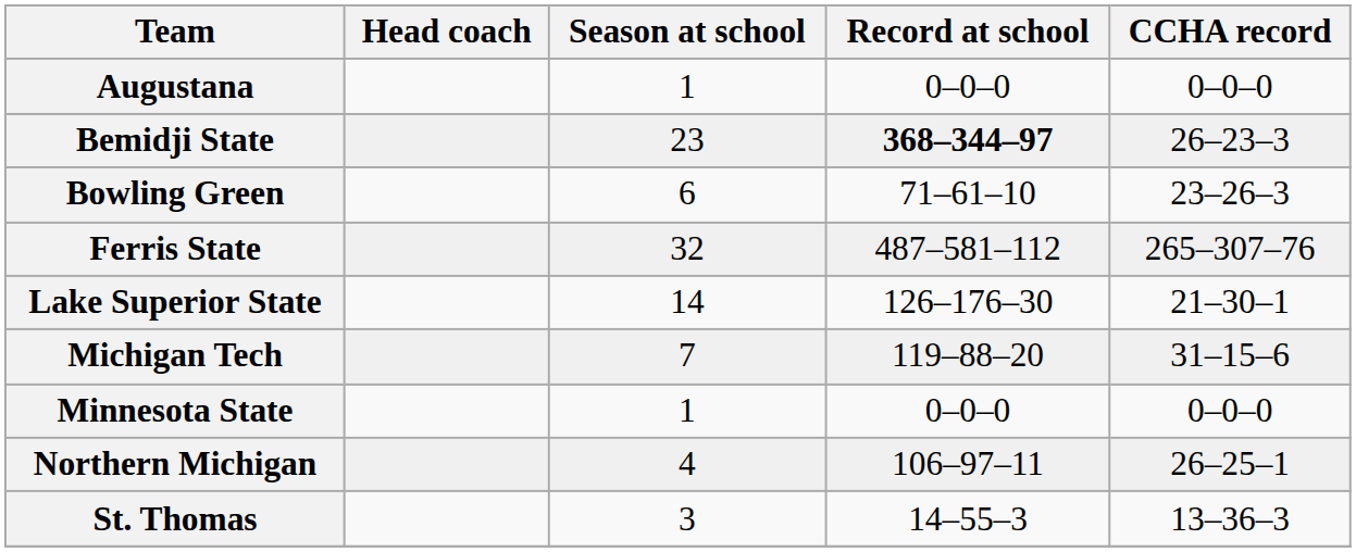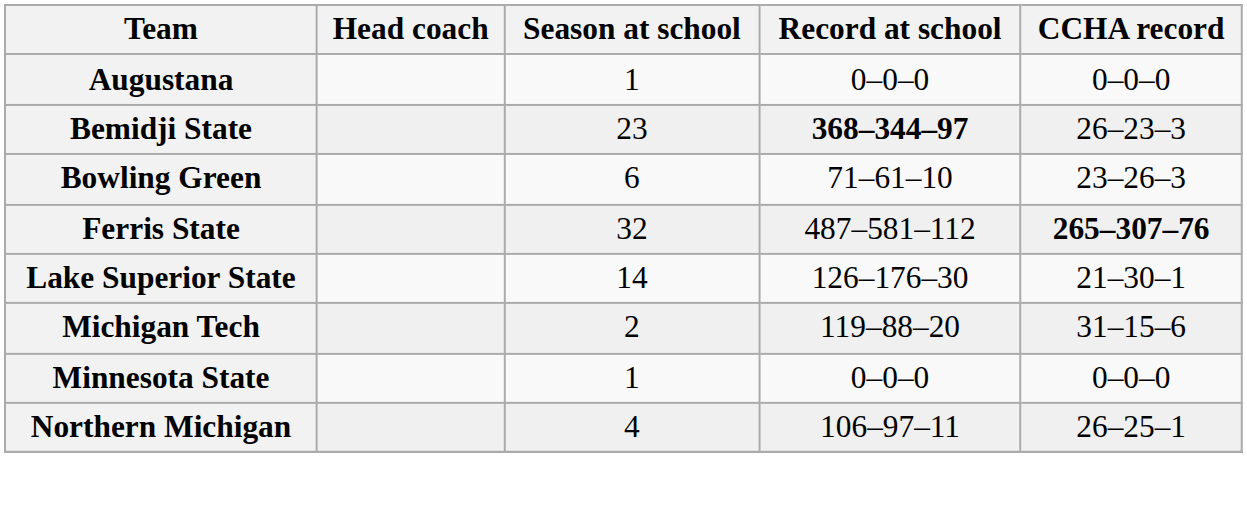 <table class="wikitable sortable" style="text-align: center; "width=50%">
 <tr>
 <th>Team</th>
 <th>Head coach</th>
 <th>Season at school</th>
 <th>Record at school</th>
 <th>CCHA record</th>
 </tr>
 <tr>
 <th>Augustana</th>
 <td></td>
 <td>1</td>
 <td>0–0–0</td>
 <td>0–0–0</td>
 </tr>
 <tr bgcolor=f0f0f0>
 <th>Bemidji State</th>
 <td></td>
 <td>23</td>
 <td><strong>368–344–97</strong></td>
 <td>26–23–3</td>
 </tr>
 <tr>
 <th>Bowling Green</th>
 <td></td>
 <td>6</td>
 <td>71–61–10</td>
 <td>23–26–3</td>
 </tr>
 <tr bgcolor=f0f0f0>
 <th>Ferris State</th>
 <td></td>
 <td>32</td>
 <td>487–581–112</td>
-<td>265–307–76</td>
+<td><strong>265–307–76</strong></td>
 </tr>
 <tr>
 <th>Lake Superior State</th>
 <td></td>
 <td>14</td>
 <td>126–176–30</td>
 <td>21–30–1</td>
 </tr>
 <tr bgcolor=f0f0f0>
 <th>Michigan Tech</th>
 <td></td>
-<td>7</td>
+<td>2</td>
 <td>119–88–20</td>
 <td>31–15–6</td>
 </tr>
 <tr>
 <th>Minnesota State</th>
 <td></td>
 <td>1</td>
 <td>0–0–0</td>
 <td>0–0–0</td>
 </tr>
 <tr bgcolor=f0f0f0>
 <th>Northern Michigan</th>
 <td></td>
 <td>4</td>
 <td>106–97–11</td>
 <td>26–25–1</td>
 </tr>
 <tr>
-<th>St. Thomas</th>
-<td></td>
-<td>3</td>
-<td>14–55–3</td>
-<td>13–36–3</td>
-</tr>
-<tr>
 </tr>
 </table>
